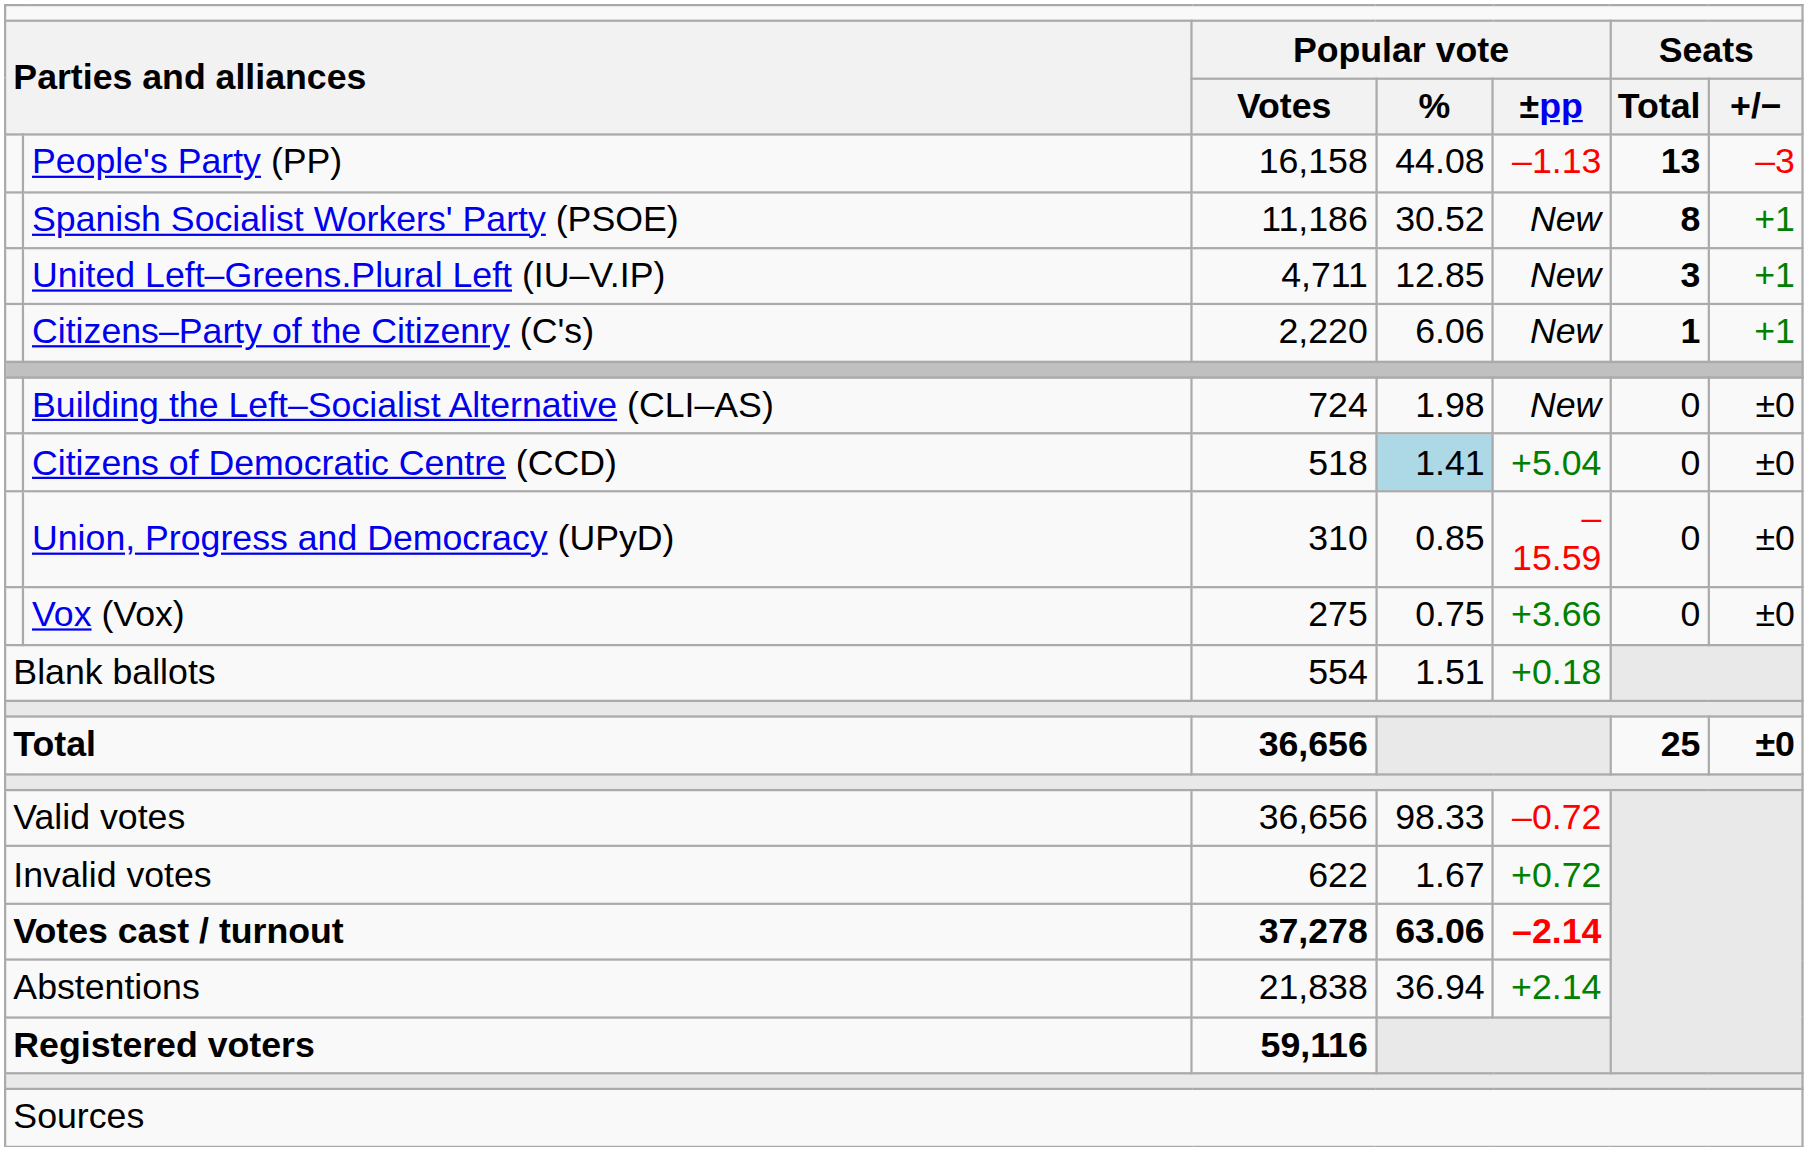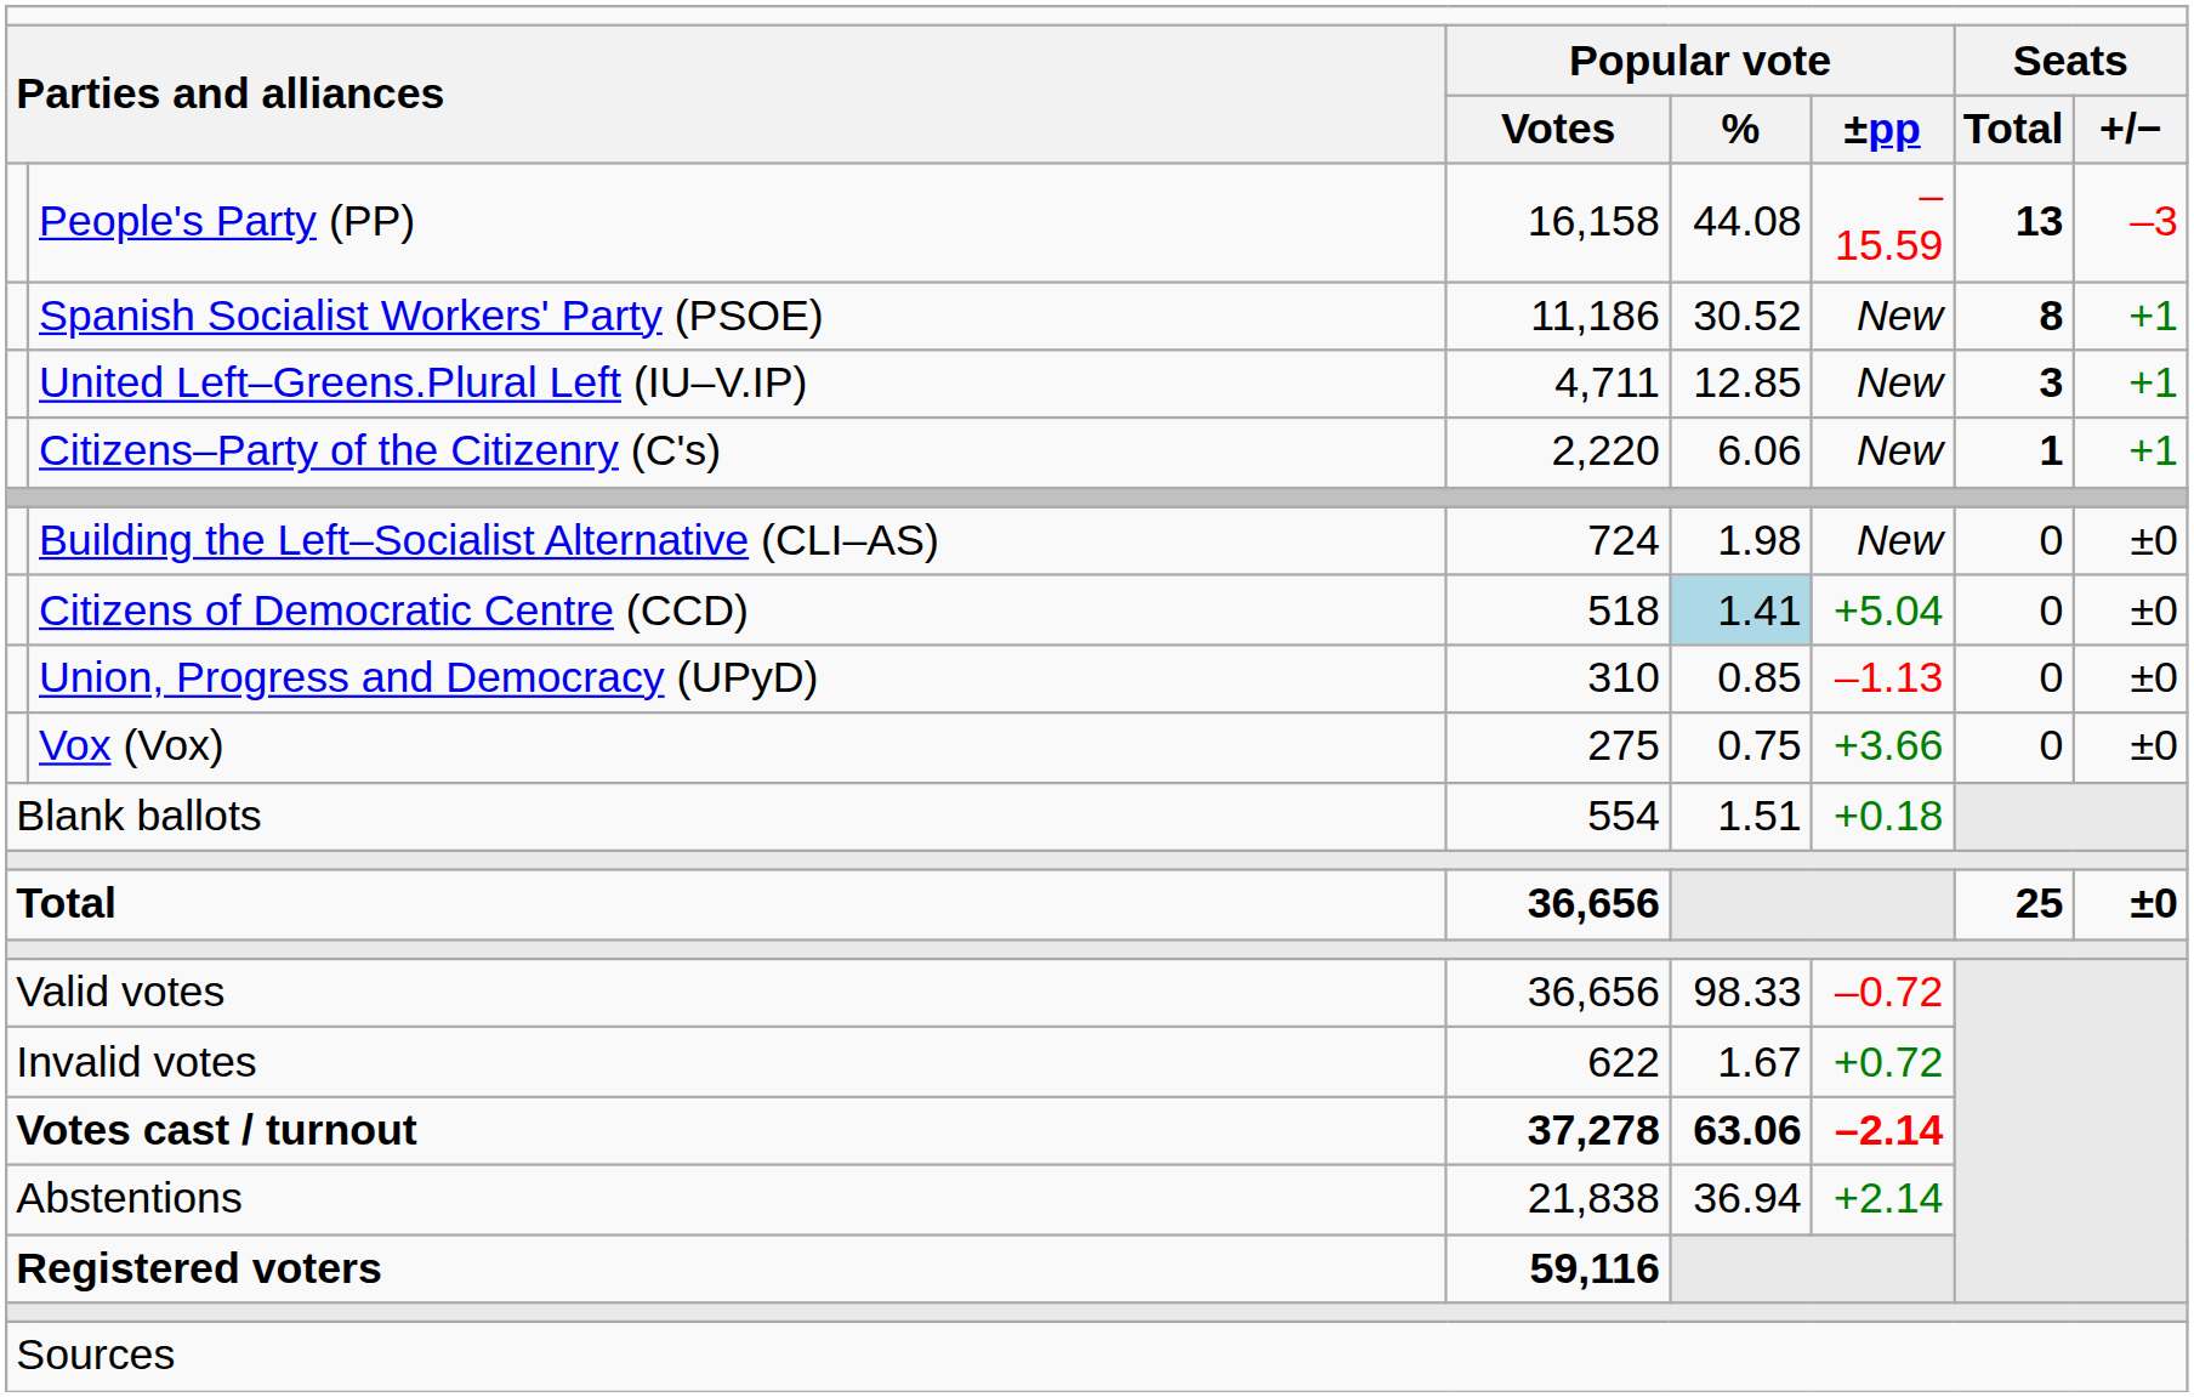 <table class="wikitable" style="text-align:right;">
 <tr>
 <td colspan="7"></td>
 </tr>
 <tr>
 <th style="text-align:left;" rowspan="2" colspan="2" width="525">Parties and alliances</th>
 <th colspan="3">Popular vote</th>
 <th colspan="2">Seats</th>
 </tr>
 <tr>
 <th width="75">Votes</th>
 <th width="45">%</th>
 <th width="45">±<a href='#'>pp</a></th>
 <th width="35">Total</th>
 <th width="35">+/−</th>
 </tr>
 <tr>
 <td width="1" style="color:inherit;background:"></td>
 <td align="left"><a href='#'>People's Party</a> (PP)</td>
 <td>16,158</td>
 <td>44.08</td>
-<td style="color:red;">–1.13</td>
+<td style="color:red;">–15.59</td>
 <td><strong>13</strong></td>
 <td style="color:red;">–3</td>
 </tr>
 <tr>
 <td style="color:inherit;background:"></td>
 <td align="left"><a href='#'>Spanish Socialist Workers' Party</a> (PSOE)</td>
 <td>11,186</td>
 <td>30.52</td>
 <td><em>New</em></td>
 <td><strong>8</strong></td>
 <td style="color:green;">+1</td>
 </tr>
 <tr>
 <td style="color:inherit;background:"></td>
 <td align="left"><a href='#'>United Left–Greens.Plural Left</a> (IU–V.IP)</td>
 <td>4,711</td>
 <td>12.85</td>
 <td><em>New</em></td>
 <td><strong>3</strong></td>
 <td style="color:green;">+1</td>
 </tr>
 <tr>
 <td style="color:inherit;background:"></td>
 <td align="left"><a href='#'>Citizens–Party of the Citizenry</a> (C's)</td>
 <td>2,220</td>
 <td>6.06</td>
 <td><em>New</em></td>
 <td><strong>1</strong></td>
 <td style="color:green;">+1</td>
 </tr>
 <tr>
 <td colspan="7" bgcolor="#C0C0C0"></td>
 </tr>
 <tr>
 <td style="color:inherit;background:"></td>
 <td align="left"><a href='#'>Building the Left–Socialist Alternative</a> (CLI–AS)</td>
 <td>724</td>
 <td>1.98</td>
 <td><em>New</em></td>
 <td>0</td>
 <td>±0</td>
 </tr>
 <tr>
 <td style="color:inherit;background:"></td>
 <td align="left"><a href='#'>Citizens of Democratic Centre</a> (CCD)</td>
 <td>518</td>
 <td style="background: lightblue;">1.41</td>
 <td style="color:green;">+5.04</td>
 <td>0</td>
 <td>±0</td>
 </tr>
 <tr>
 <td style="color:inherit;background:"></td>
 <td align="left"><a href='#'>Union, Progress and Democracy</a> (UPyD)</td>
 <td>310</td>
 <td>0.85</td>
-<td style="color:red;">–15.59</td>
+<td style="color:red;">–1.13</td>
 <td>0</td>
 <td>±0</td>
 </tr>
 <tr>
 <td style="color:inherit;background:"></td>
 <td align="left"><a href='#'>Vox</a> (Vox)</td>
 <td>275</td>
 <td>0.75</td>
 <td style="color:green;">+3.66</td>
 <td>0</td>
 <td>±0</td>
 </tr>
 <tr>
 <td align="left" colspan="2">Blank ballots</td>
 <td>554</td>
 <td>1.51</td>
 <td style="color:green;">+0.18</td>
 <td bgcolor="#E9E9E9" colspan="2"></td>
 </tr>
 <tr>
 <td colspan="7" bgcolor="#E9E9E9"></td>
 </tr>
 <tr style="font-weight:bold;">
 <td align="left" colspan="2">Total</td>
 <td>36,656</td>
 <td bgcolor="#E9E9E9" colspan="2"></td>
 <td>25</td>
 <td>±0</td>
 </tr>
 <tr>
 <td colspan="7" bgcolor="#E9E9E9"></td>
 </tr>
 <tr>
 <td align="left" colspan="2">Valid votes</td>
 <td>36,656</td>
 <td>98.33</td>
 <td style="color:red;">–0.72</td>
 <td bgcolor="#E9E9E9" colspan="2" rowspan="5"></td>
 </tr>
 <tr>
 <td align="left" colspan="2">Invalid votes</td>
 <td>622</td>
 <td>1.67</td>
 <td style="color:green;">+0.72</td>
 </tr>
 <tr style="font-weight:bold;">
 <td align="left" colspan="2">Votes cast / turnout</td>
 <td>37,278</td>
 <td>63.06</td>
 <td style="color:red;">–2.14</td>
 </tr>
 <tr>
 <td align="left" colspan="2">Abstentions</td>
 <td>21,838</td>
 <td>36.94</td>
 <td style="color:green;">+2.14</td>
 </tr>
 <tr style="font-weight:bold;">
 <td align="left" colspan="2">Registered voters</td>
 <td>59,116</td>
 <td bgcolor="#E9E9E9" colspan="2"></td>
 </tr>
 <tr>
 <td colspan="7" bgcolor="#E9E9E9"></td>
 </tr>
 <tr>
 <td align="left" colspan="7">Sources</td>
 </tr>
 </table>
